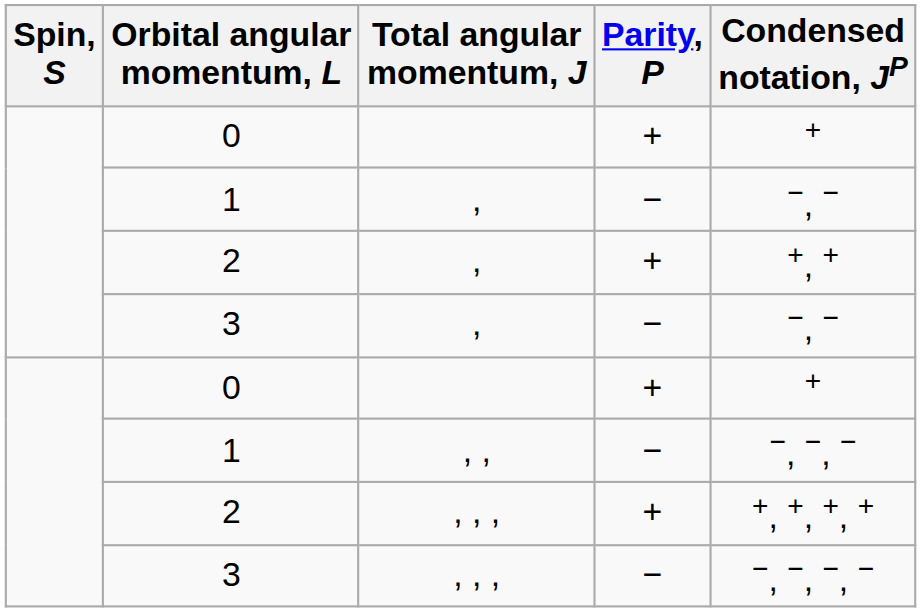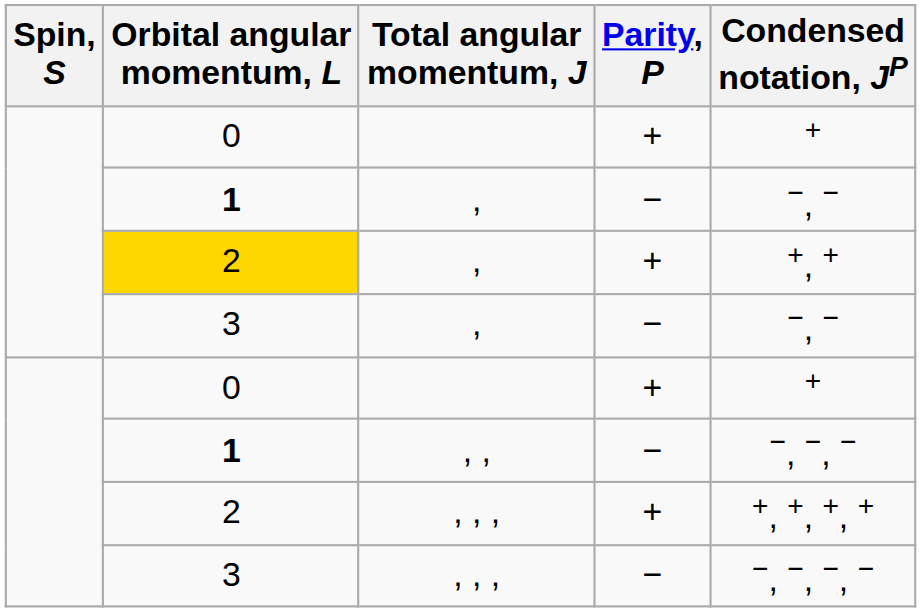 <table class="wikitable" style="margin:1em auto; text-align: center;">
 <tr>
 <th>Spin, <br><em>S</em></th>
 <th>Orbital angular <br>momentum, <em>L</em></th>
 <th>Total angular <br>momentum, <em>J</em></th>
 <th><a href='#'>Parity</a>, <br><em>P</em></th>
 <th>Condensed <br>notation, <em>J</em><sup><em>P</em></sup></th>
 </tr>
 <tr>
 <td rowspan="4"></td>
 <td>0</td>
 <td></td>
 <td>+</td>
 <td><sup>+</sup></td>
 </tr>
 <tr>
-<td>1</td>
+<td><strong>1</strong></td>
 <td>, </td>
 <td>−</td>
 <td><sup>−</sup>, <sup>−</sup></td>
 </tr>
 <tr>
-<td>2</td>
+<td style="background: gold;">2</td>
 <td>, </td>
 <td>+</td>
 <td><sup>+</sup>, <sup>+</sup></td>
 </tr>
 <tr>
 <td>3</td>
 <td>, </td>
 <td>−</td>
 <td><sup>−</sup>, <sup>−</sup></td>
 </tr>
 <tr>
 <td rowspan="4"></td>
 <td>0</td>
 <td></td>
 <td>+</td>
 <td><sup>+</sup></td>
 </tr>
 <tr>
-<td>1</td>
+<td><strong>1</strong></td>
 <td>, , </td>
 <td>−</td>
 <td><sup>−</sup>, <sup>−</sup>, <sup>−</sup></td>
 </tr>
 <tr>
 <td>2</td>
 <td>, , , </td>
 <td>+</td>
 <td><sup>+</sup>, <sup>+</sup>, <sup>+</sup>, <sup>+</sup></td>
 </tr>
 <tr>
 <td>3</td>
 <td>, , , </td>
 <td>−</td>
 <td><sup>−</sup>, <sup>−</sup>, <sup>−</sup>, <sup>−</sup></td>
 </tr>
 </table>
